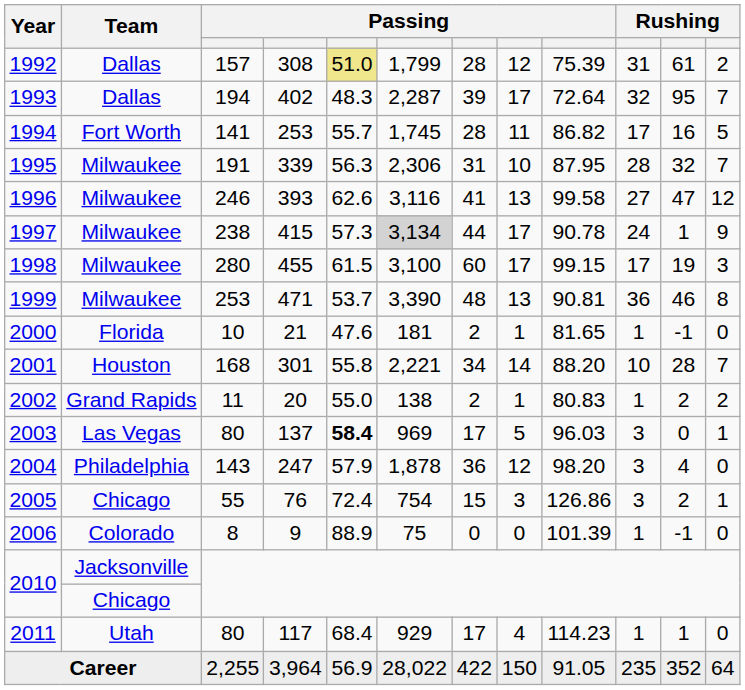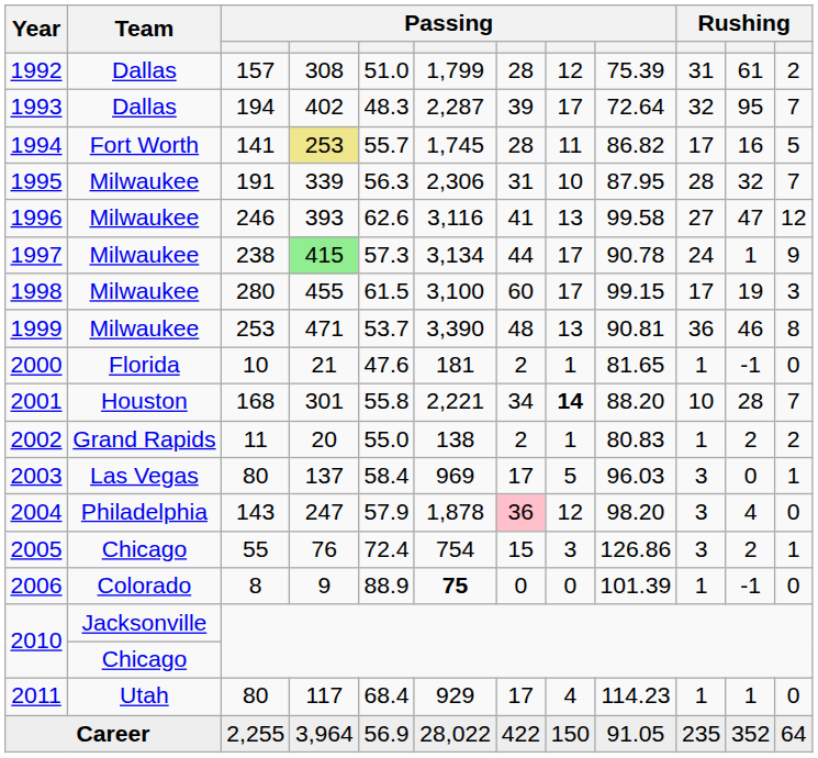 <table class="wikitable sortable" style="text-align:center">
 <tr>
 <th rowspan=2>Year</th>
 <th rowspan=2>Team</th>
 <th colspan=7>Passing</th>
 <th colspan=3>Rushing</th>
 </tr>
 <tr>
 <th></th>
 <th></th>
 <th></th>
 <th></th>
 <th></th>
 <th></th>
 <th></th>
 <th></th>
 <th></th>
 <th></th>
 </tr>
 <tr>
 <td><a href='#'>1992</a></td>
 <td><a href='#'>Dallas</a></td>
 <td>157</td>
 <td>308</td>
-<td style="background: khaki;">51.0</td>
+<td>51.0</td>
 <td>1,799</td>
 <td>28</td>
 <td>12</td>
 <td>75.39</td>
 <td>31</td>
 <td>61</td>
 <td>2</td>
 </tr>
 <tr>
 <td><a href='#'>1993</a></td>
 <td><a href='#'>Dallas</a></td>
 <td>194</td>
 <td>402</td>
 <td>48.3</td>
 <td>2,287</td>
 <td>39</td>
 <td>17</td>
 <td>72.64</td>
 <td>32</td>
 <td>95</td>
 <td>7</td>
 </tr>
 <tr>
 <td><a href='#'>1994</a></td>
 <td><a href='#'>Fort Worth</a></td>
 <td>141</td>
-<td>253</td>
+<td style="background: khaki;">253</td>
 <td>55.7</td>
 <td>1,745</td>
 <td>28</td>
 <td>11</td>
 <td>86.82</td>
 <td>17</td>
 <td>16</td>
 <td>5</td>
 </tr>
 <tr>
 <td><a href='#'>1995</a></td>
 <td><a href='#'>Milwaukee</a></td>
 <td>191</td>
 <td>339</td>
 <td>56.3</td>
 <td>2,306</td>
 <td>31</td>
 <td>10</td>
 <td>87.95</td>
 <td>28</td>
 <td>32</td>
 <td>7</td>
 </tr>
 <tr>
 <td><a href='#'>1996</a></td>
 <td><a href='#'>Milwaukee</a></td>
 <td>246</td>
 <td>393</td>
 <td>62.6</td>
 <td>3,116</td>
 <td>41</td>
 <td>13</td>
 <td>99.58</td>
 <td>27</td>
 <td>47</td>
 <td>12</td>
 </tr>
 <tr>
 <td><a href='#'>1997</a></td>
 <td><a href='#'>Milwaukee</a></td>
 <td>238</td>
-<td>415</td>
+<td style="background: lightgreen;">415</td>
 <td>57.3</td>
-<td style="background: lightgrey;">3,134</td>
+<td>3,134</td>
 <td>44</td>
 <td>17</td>
 <td>90.78</td>
 <td>24</td>
 <td>1</td>
 <td>9</td>
 </tr>
 <tr>
 <td><a href='#'>1998</a></td>
 <td><a href='#'>Milwaukee</a></td>
 <td>280</td>
 <td>455</td>
 <td>61.5</td>
 <td>3,100</td>
 <td>60</td>
 <td>17</td>
 <td>99.15</td>
 <td>17</td>
 <td>19</td>
 <td>3</td>
 </tr>
 <tr>
 <td><a href='#'>1999</a></td>
 <td><a href='#'>Milwaukee</a></td>
 <td>253</td>
 <td>471</td>
 <td>53.7</td>
 <td>3,390</td>
 <td>48</td>
 <td>13</td>
 <td>90.81</td>
 <td>36</td>
 <td>46</td>
 <td>8</td>
 </tr>
 <tr>
 <td><a href='#'>2000</a></td>
 <td><a href='#'>Florida</a></td>
 <td>10</td>
 <td>21</td>
 <td>47.6</td>
 <td>181</td>
 <td>2</td>
 <td>1</td>
 <td>81.65</td>
 <td>1</td>
 <td>-1</td>
 <td>0</td>
 </tr>
 <tr>
 <td><a href='#'>2001</a></td>
 <td><a href='#'>Houston</a></td>
 <td>168</td>
 <td>301</td>
 <td>55.8</td>
 <td>2,221</td>
 <td>34</td>
-<td>14</td>
+<td><strong>14</strong></td>
 <td>88.20</td>
 <td>10</td>
 <td>28</td>
 <td>7</td>
 </tr>
 <tr>
 <td><a href='#'>2002</a></td>
 <td><a href='#'>Grand Rapids</a></td>
 <td>11</td>
 <td>20</td>
 <td>55.0</td>
 <td>138</td>
 <td>2</td>
 <td>1</td>
 <td>80.83</td>
 <td>1</td>
 <td>2</td>
 <td>2</td>
 </tr>
 <tr>
 <td><a href='#'>2003</a></td>
 <td><a href='#'>Las Vegas</a></td>
 <td>80</td>
 <td>137</td>
-<td><strong>58.4</strong></td>
+<td>58.4</td>
 <td>969</td>
 <td>17</td>
 <td>5</td>
 <td>96.03</td>
 <td>3</td>
 <td>0</td>
 <td>1</td>
 </tr>
 <tr>
 <td><a href='#'>2004</a></td>
 <td><a href='#'>Philadelphia</a></td>
 <td>143</td>
 <td>247</td>
 <td>57.9</td>
 <td>1,878</td>
-<td>36</td>
+<td style="background: pink;">36</td>
 <td>12</td>
 <td>98.20</td>
 <td>3</td>
 <td>4</td>
 <td>0</td>
 </tr>
 <tr>
 <td><a href='#'>2005</a></td>
 <td><a href='#'>Chicago</a></td>
 <td>55</td>
 <td>76</td>
 <td>72.4</td>
 <td>754</td>
 <td>15</td>
 <td>3</td>
 <td>126.86</td>
 <td>3</td>
 <td>2</td>
 <td>1</td>
 </tr>
 <tr>
 <td><a href='#'>2006</a></td>
 <td><a href='#'>Colorado</a></td>
 <td>8</td>
 <td>9</td>
 <td>88.9</td>
-<td>75</td>
+<td><strong>75</strong></td>
 <td>0</td>
 <td>0</td>
 <td>101.39</td>
 <td>1</td>
 <td>-1</td>
 <td>0</td>
 </tr>
 <tr>
 <td rowspan="2"><a href='#'>2010</a></td>
 <td><a href='#'>Jacksonville</a></td>
 <td rowspan="2" colspan="10"></td>
 </tr>
 <tr>
 <td><a href='#'>Chicago</a></td>
 </tr>
 <tr>
 <td><a href='#'>2011</a></td>
 <td><a href='#'>Utah</a></td>
 <td>80</td>
 <td>117</td>
 <td>68.4</td>
 <td>929</td>
 <td>17</td>
 <td>4</td>
 <td>114.23</td>
 <td>1</td>
 <td>1</td>
 <td>0</td>
 </tr>
 <tr class="sortbottom" style="background:#eee;">
 <td colspan=2><strong>Career</strong></td>
 <td>2,255</td>
 <td>3,964</td>
 <td>56.9</td>
 <td>28,022</td>
 <td>422</td>
 <td>150</td>
 <td>91.05</td>
 <td>235</td>
 <td>352</td>
 <td>64</td>
 </tr>
 </table>
